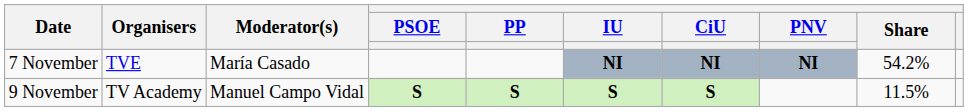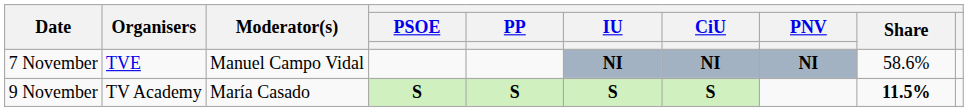 <table class="wikitable" style="text-align:center;">
 <tr>
 <th rowspan="3">Date</th>
 <th rowspan="3">Organisers</th>
 <th rowspan="3">Moderator(s)</th>
 <th colspan="7">      </th>
 </tr>
 <tr>
 <th scope="col" style="width:5em;"><a href='#'>PSOE</a></th>
 <th scope="col" style="width:5em;"><a href='#'>PP</a></th>
 <th scope="col" style="width:5em;"><a href='#'>IU</a></th>
 <th scope="col" style="width:5em;"><a href='#'>CiU</a></th>
 <th scope="col" style="width:5em;"><a href='#'>PNV</a></th>
 <th rowspan="2" scope="col" style="width:5em;">Share</th>
 <th rowspan="2"></th>
 </tr>
 <tr>
 <th style="color:inherit;background:"></th>
 <th style="color:inherit;background:"></th>
 <th style="color:inherit;background:"></th>
 <th style="color:inherit;background:"></th>
 <th style="color:inherit;background:"></th>
 </tr>
 <tr>
 <td style="white-space:nowrap; text-align:left;">7 November</td>
 <td style="white-space:nowrap; text-align:left;"><a href='#'>TVE</a></td>
-<td style="white-space:nowrap; text-align:left;">María Casado</td>
+<td style="white-space:nowrap; text-align:left;">Manuel Campo Vidal</td>
 <td></td>
 <td></td>
 <td style="background:#A2B2C2;"><strong>NI</strong></td>
 <td style="background:#A2B2C2;"><strong>NI</strong></td>
 <td style="background:#A2B2C2;"><strong>NI</strong></td>
-<td>54.2%<br></td>
+<td>58.6%<br></td>
 <td></td>
 </tr>
 <tr>
 <td style="white-space:nowrap; text-align:left;">9 November</td>
 <td style="white-space:nowrap; text-align:left;">TV Academy</td>
-<td style="white-space:nowrap; text-align:left;">Manuel Campo Vidal</td>
+<td style="white-space:nowrap; text-align:left;">María Casado</td>
 <td style="background:#D0F0C0;"><strong>S</strong><br></td>
 <td style="background:#D0F0C0;"><strong>S</strong><br></td>
 <td style="background:#D0F0C0;"><strong>S</strong><br></td>
 <td style="background:#D0F0C0;"><strong>S</strong><br></td>
 <td></td>
-<td>11.5%<br></td>
+<td><strong>11.5%<br></strong></td>
 <td></td>
 </tr>
 </table>
